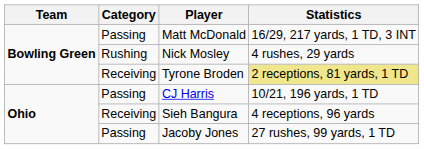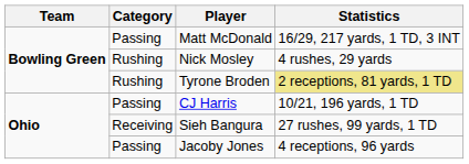 <table class="wikitable" style="float: right;">
 <tr>
 <th>Team</th>
 <th>Category</th>
 <th>Player</th>
 <th>Statistics</th>
 </tr>
 <tr>
 <td rowspan=3><strong>Bowling Green</strong></td>
 <td>Passing</td>
 <td>Matt McDonald</td>
 <td>16/29, 217 yards, 1 TD, 3 INT</td>
 </tr>
 <tr>
 <td>Rushing</td>
 <td>Nick Mosley</td>
 <td>4 rushes, 29 yards</td>
 </tr>
 <tr>
-<td>Receiving</td>
+<td>Rushing</td>
 <td>Tyrone Broden</td>
 <td style="background: khaki;">2 receptions, 81 yards, 1 TD</td>
 </tr>
 <tr>
 <td rowspan=3><strong>Ohio</strong></td>
 <td>Passing</td>
 <td><a href='#'>CJ Harris</a></td>
 <td>10/21, 196 yards, 1 TD</td>
 </tr>
 <tr>
 <td>Receiving</td>
 <td>Sieh Bangura</td>
-<td>4 receptions, 96 yards</td>
+<td>27 rushes, 99 yards, 1 TD</td>
 </tr>
 <tr>
 <td>Passing</td>
 <td>Jacoby Jones</td>
-<td>27 rushes, 99 yards, 1 TD</td>
+<td>4 receptions, 96 yards</td>
 </tr>
 </table>
